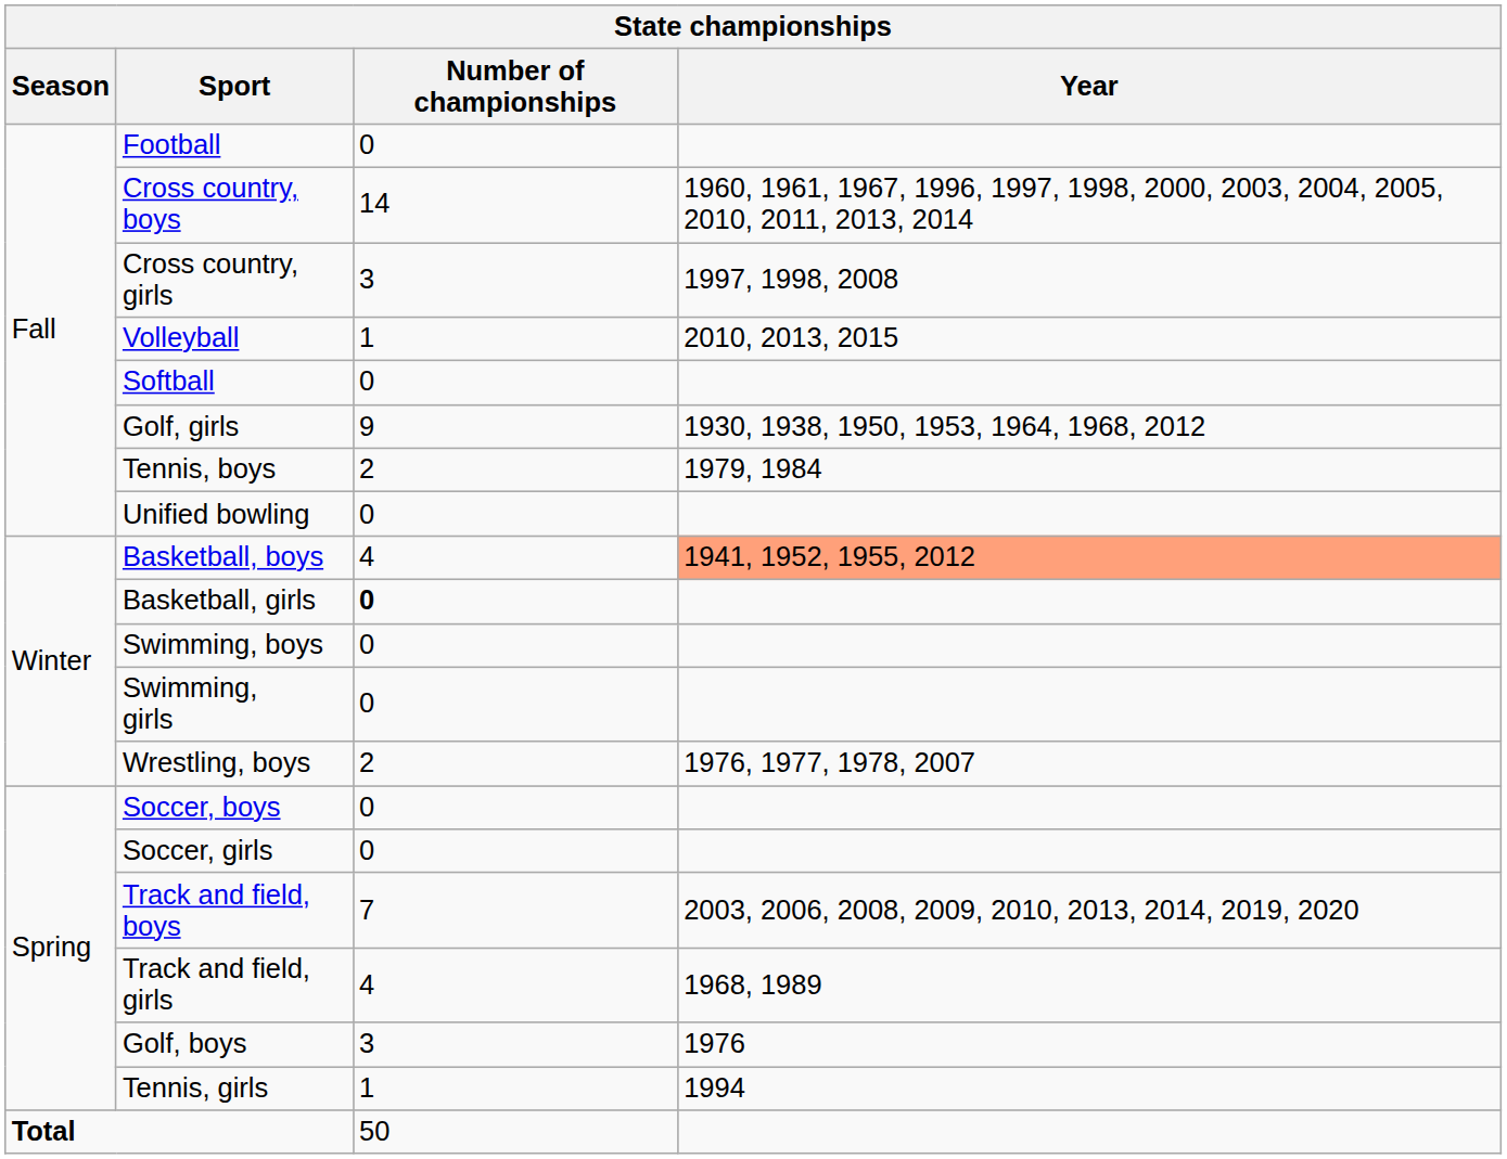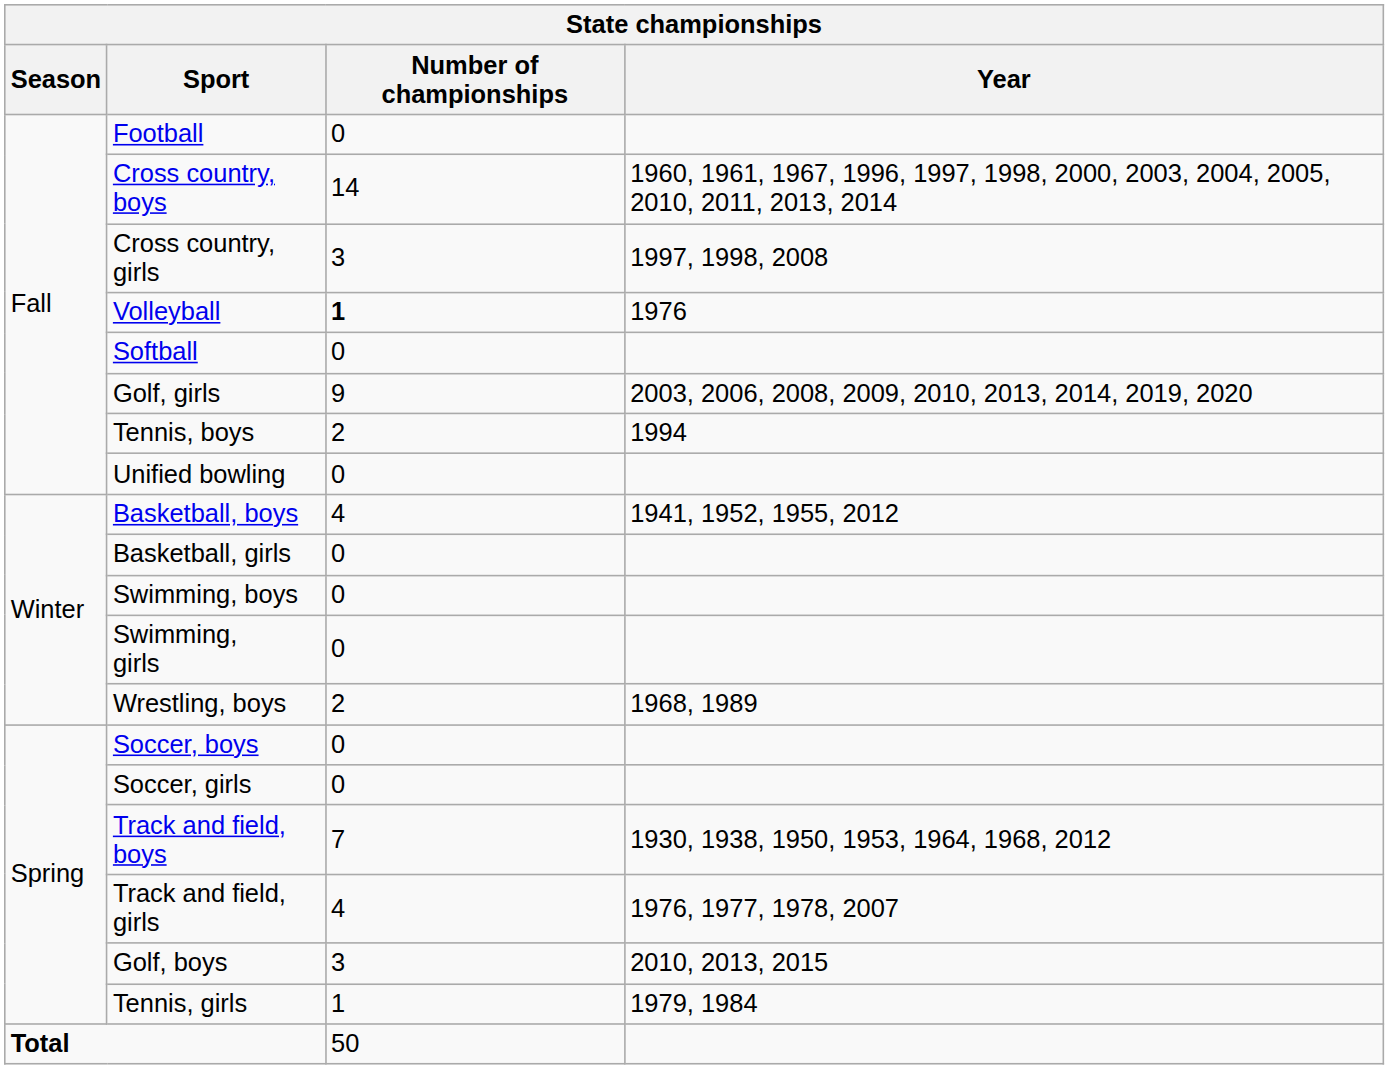 <table class="wikitable">
 <tr>
 <th colspan="4">State championships</th>
 </tr>
 <tr>
 <th>Season</th>
 <th>Sport</th>
 <th>Number of championships</th>
 <th>Year</th>
 </tr>
 <tr>
 <td rowspan="8">Fall</td>
 <td><a href='#'>Football</a></td>
 <td>0</td>
 <td></td>
 </tr>
 <tr>
 <td><a href='#'>Cross country, boys</a></td>
 <td>14</td>
 <td>1960, 1961, 1967, 1996, 1997, 1998, 2000, 2003, 2004, 2005, 2010, 2011, 2013, 2014</td>
 </tr>
 <tr>
 <td>Cross country, girls</td>
 <td>3</td>
 <td>1997, 1998, 2008</td>
 </tr>
 <tr>
 <td><a href='#'>Volleyball</a></td>
-<td>1</td>
-<td>2010, 2013, 2015</td>
+<td><strong>1</strong></td>
+<td>1976</td>
 </tr>
 <tr>
 <td><a href='#'>Softball</a></td>
 <td>0</td>
 <td></td>
 </tr>
 <tr>
 <td>Golf, girls</td>
 <td>9</td>
-<td>1930, 1938, 1950, 1953, 1964, 1968, 2012</td>
+<td>2003, 2006, 2008, 2009, 2010, 2013, 2014, 2019, 2020</td>
 </tr>
 <tr>
 <td>Tennis, boys</td>
 <td>2</td>
-<td>1979, 1984</td>
+<td>1994</td>
 </tr>
 <tr>
 <td>Unified bowling</td>
 <td>0</td>
 <td></td>
 </tr>
 <tr>
 <td rowspan="5">Winter</td>
 <td><a href='#'>Basketball, boys</a></td>
 <td>4</td>
-<td style="background: lightsalmon;">1941, 1952, 1955, 2012</td>
+<td>1941, 1952, 1955, 2012</td>
 </tr>
 <tr>
 <td>Basketball, girls</td>
-<td><strong>0</strong></td>
+<td>0</td>
 <td></td>
 </tr>
 <tr>
 <td>Swimming, boys</td>
 <td>0</td>
 <td></td>
 </tr>
 <tr>
 <td>Swimming,<br>girls</td>
 <td>0</td>
 <td></td>
 </tr>
 <tr>
 <td>Wrestling, boys</td>
 <td>2</td>
-<td>1976, 1977, 1978, 2007</td>
+<td>1968, 1989</td>
 </tr>
 <tr>
 <td rowspan="6">Spring</td>
 <td><a href='#'>Soccer, boys</a></td>
 <td>0</td>
 <td></td>
 </tr>
 <tr>
 <td>Soccer, girls</td>
 <td>0</td>
 <td></td>
 </tr>
 <tr>
 <td><a href='#'>Track and field, boys</a></td>
 <td>7</td>
-<td>2003, 2006, 2008, 2009, 2010, 2013, 2014, 2019, 2020</td>
+<td>1930, 1938, 1950, 1953, 1964, 1968, 2012</td>
 </tr>
 <tr>
 <td>Track and field, girls</td>
 <td>4</td>
-<td>1968, 1989</td>
+<td>1976, 1977, 1978, 2007</td>
 </tr>
 <tr>
 <td>Golf, boys</td>
 <td>3</td>
-<td>1976</td>
+<td>2010, 2013, 2015</td>
 </tr>
 <tr>
 <td>Tennis, girls</td>
 <td>1</td>
-<td>1994</td>
+<td>1979, 1984</td>
 </tr>
 <tr>
 <td colspan="2"><strong>Total</strong></td>
 <td>50</td>
 <td></td>
 </tr>
 </table>
